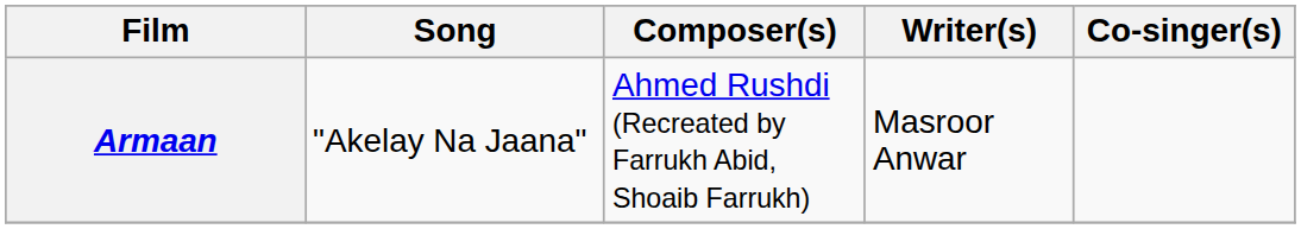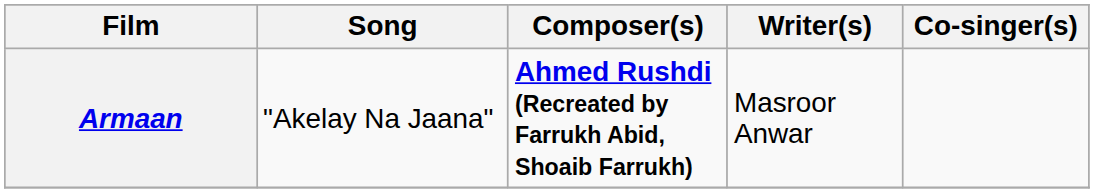 <table class="wikitable plainrowheaders" width="100%" textcolor:#000;">
 <tr>
 <th scope="col" width=23%><strong>Film</strong></th>
 <th scope="col" width=23%><strong>Song</strong></th>
 <th scope="col" width=20%><strong>Composer(s)</strong></th>
 <th scope="col" width=16%><strong>Writer(s)</strong></th>
 <th scope="col" width=17%><strong>Co-singer(s)</strong></th>
 </tr>
 <tr>
 <th scope="row"><em><a href='#'>Armaan</a></em></th>
 <td>"Akelay Na Jaana"</td>
-<td><a href='#'>Ahmed Rushdi</a><br><small>(Recreated by Farrukh Abid, Shoaib Farrukh)</small></td>
+<td><strong><a href='#'>Ahmed Rushdi</a><br><small>(Recreated by Farrukh Abid, Shoaib Farrukh)</small></strong></td>
 <td>Masroor Anwar</td>
 <td></td>
 </tr>
 <tr>
 </tr>
 </table>
